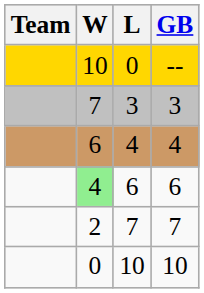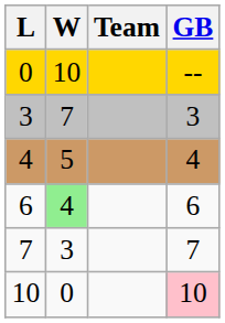 <table class="wikitable" style="text-align:center;">
 <tr>
+<th>L</th>
+<th>W</th>
 <th>Team</th>
-<th>W</th>
-<th>L</th>
 <th><a href='#'>GB</a></th>
 </tr>
 <tr bgcolor=gold>
+<td>0</td>
+<td>10</td>
 <td align="left"></td>
-<td>10</td>
-<td>0</td>
 <td>--</td>
 </tr>
 <tr bgcolor=silver>
+<td>3</td>
+<td>7</td>
 <td align="left"></td>
-<td>7</td>
-<td>3</td>
 <td>3</td>
 </tr>
 <tr bgcolor="CC9966">
+<td>4</td>
+<td>5</td>
 <td align="left"></td>
-<td>6</td>
-<td>4</td>
 <td>4</td>
 </tr>
 <tr>
+<td>6</td>
+<td style="background: lightgreen;">4</td>
 <td align="left"></td>
-<td style="background: lightgreen;">4</td>
-<td>6</td>
 <td>6</td>
 </tr>
 <tr>
+<td>7</td>
+<td>3</td>
 <td align="left"></td>
-<td>2</td>
-<td>7</td>
 <td>7</td>
 </tr>
 <tr>
+<td>10</td>
+<td>0</td>
 <td align="left"></td>
-<td>0</td>
-<td>10</td>
-<td>10</td>
+<td style="background: pink;">10</td>
 </tr>
 </table>
